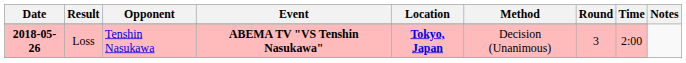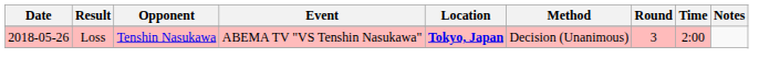 <table class="wikitable" style="text-align:center; font-size:95%">
 <tr>
 <th>Date</th>
 <th>Result</th>
 <th>Opponent</th>
 <th>Event</th>
 <th>Location</th>
 <th>Method</th>
 <th>Round</th>
 <th>Time</th>
 <th>Notes</th>
 </tr>
 <tr>
 </tr>
 <tr style="text-align:center; background:#fbb;">
-<td><strong>2018-05-26</strong></td>
+<td>2018-05-26</td>
 <td>Loss</td>
 <td align=left> <a href='#'>Tenshin Nasukawa</a></td>
-<td><strong>ABEMA TV "VS Tenshin Nasukawa"</strong></td>
+<td>ABEMA TV "VS Tenshin Nasukawa"</td>
 <td><strong><a href='#'>Tokyo, Japan</a></strong></td>
 <td>Decision (Unanimous)</td>
 <td>3</td>
 <td>2:00</td>
 </tr>
 <tr>
 </tr>
 </table>
